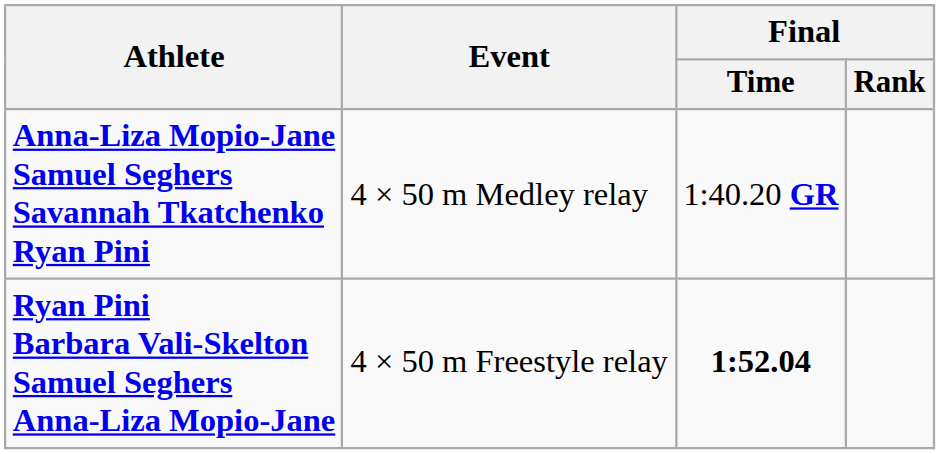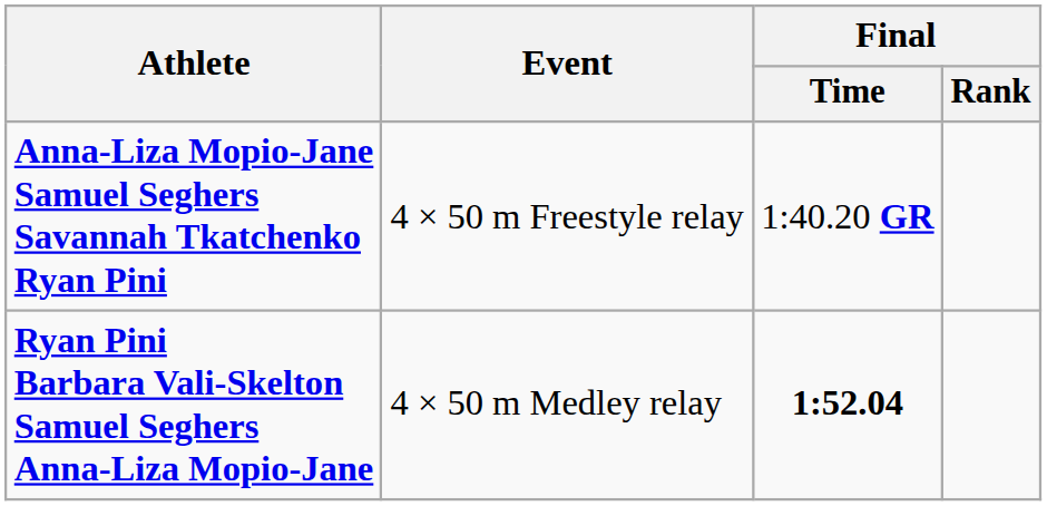 <table class=wikitable style=font-size:90%>
 <tr>
 <th rowspan=2>Athlete</th>
 <th rowspan=2>Event</th>
 <th colspan=2>Final</th>
 </tr>
 <tr style=font-size:95%>
 <th>Time</th>
 <th>Rank</th>
 </tr>
 <tr align=center>
 <td align=left><strong><a href='#'>Anna-Liza Mopio-Jane</a><br><a href='#'>Samuel Seghers</a><br><a href='#'>Savannah Tkatchenko</a><br><a href='#'>Ryan Pini</a></strong></td>
-<td align=left>4 × 50 m Medley relay</td>
+<td align=left>4 × 50 m Freestyle relay</td>
 <td>1:40.20 <strong><a href='#'>GR</a></strong></td>
 <td></td>
 </tr>
 <tr align=center>
 <td align=left><strong><a href='#'>Ryan Pini</a><br><a href='#'>Barbara Vali-Skelton</a><br><a href='#'>Samuel Seghers</a><br><a href='#'>Anna-Liza Mopio-Jane</a></strong></td>
-<td align=left>4 × 50 m Freestyle relay</td>
+<td align=left>4 × 50 m Medley relay</td>
 <td><strong>1:52.04</strong></td>
 <td></td>
 </tr>
 </table>
